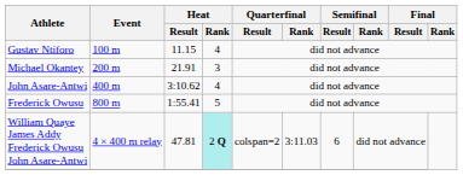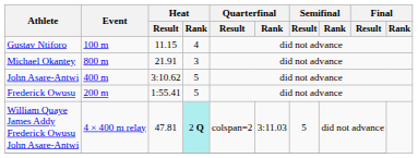 <table class="wikitable" style="font-size:90%">
 <tr>
 <th rowspan="2">Athlete</th>
 <th rowspan="2">Event</th>
 <th colspan="2">Heat</th>
 <th colspan="2">Quarterfinal</th>
 <th colspan="2">Semifinal</th>
 <th colspan="2">Final</th>
 </tr>
 <tr style="font-size:95%">
 <th>Result</th>
 <th>Rank</th>
 <th>Result</th>
 <th>Rank</th>
 <th>Result</th>
 <th>Rank</th>
 <th>Result</th>
 <th>Rank</th>
 </tr>
 <tr align=center>
 <td align=left><a href='#'>Gustav Ntiforo</a></td>
 <td align=left><a href='#'>100 m</a></td>
 <td>11.15</td>
 <td>4</td>
 <td colspan=6>did not advance</td>
 </tr>
 <tr align=center>
 <td align=left><a href='#'>Michael Okantey</a></td>
-<td align=left><a href='#'>200 m</a></td>
+<td align=left><a href='#'>800 m</a></td>
 <td>21.91</td>
 <td>3</td>
 <td colspan=6>did not advance</td>
 </tr>
 <tr align=center>
 <td align=left><a href='#'>John Asare-Antwi</a></td>
 <td align=left><a href='#'>400 m</a></td>
 <td>3:10.62</td>
-<td>4</td>
+<td>5</td>
 <td colspan=6>did not advance</td>
 </tr>
 <tr align=center>
 <td align=left><a href='#'>Frederick Owusu</a></td>
-<td align=left><a href='#'>800 m</a></td>
+<td align=left><a href='#'>200 m</a></td>
 <td>1:55.41</td>
 <td>5</td>
 <td colspan=6>did not advance</td>
 </tr>
 <tr align=center>
 <td align=left><a href='#'>William Quaye</a><br><a href='#'>James Addy</a><br><a href='#'>Frederick Owusu</a><br><a href='#'>John Asare-Antwi</a></td>
 <td align=left><a href='#'>4 × 400 m relay</a></td>
 <td>47.81</td>
 <td style="background: paleturquoise;">2 <strong>Q</strong></td>
 <td>colspan=2 </td>
 <td>3:11.03</td>
-<td>6</td>
+<td>5</td>
 <td colspan=2>did not advance</td>
 </tr>
 <tr align=center>
 </tr>
 </table>
